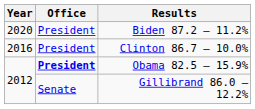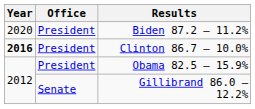 <table class=wikitable>
 <tr>
 <th width="30">Year</th>
 <th width="60">Office</th>
 <th width="180">Results</th>
 </tr>
 <tr>
 <td>2020</td>
 <td><a href='#'>President</a></td>
 <td align="right" ><a href='#'>Biden</a> 87.2 – 11.2%</td>
 </tr>
 <tr>
-<td>2016</td>
+<td><strong>2016</strong></td>
 <td><a href='#'>President</a></td>
 <td align="right" ><a href='#'>Clinton</a> 86.7 – 10.0%</td>
 </tr>
 <tr>
 <td rowspan="2">2012</td>
-<td><strong><a href='#'>President</a></strong></td>
+<td><a href='#'>President</a></td>
 <td align="right" ><a href='#'>Obama</a> 82.5 – 15.9%</td>
 </tr>
 <tr>
 <td><a href='#'>Senate</a></td>
 <td align="right" ><a href='#'>Gillibrand</a> 86.0 – 12.2%</td>
 </tr>
 </table>
